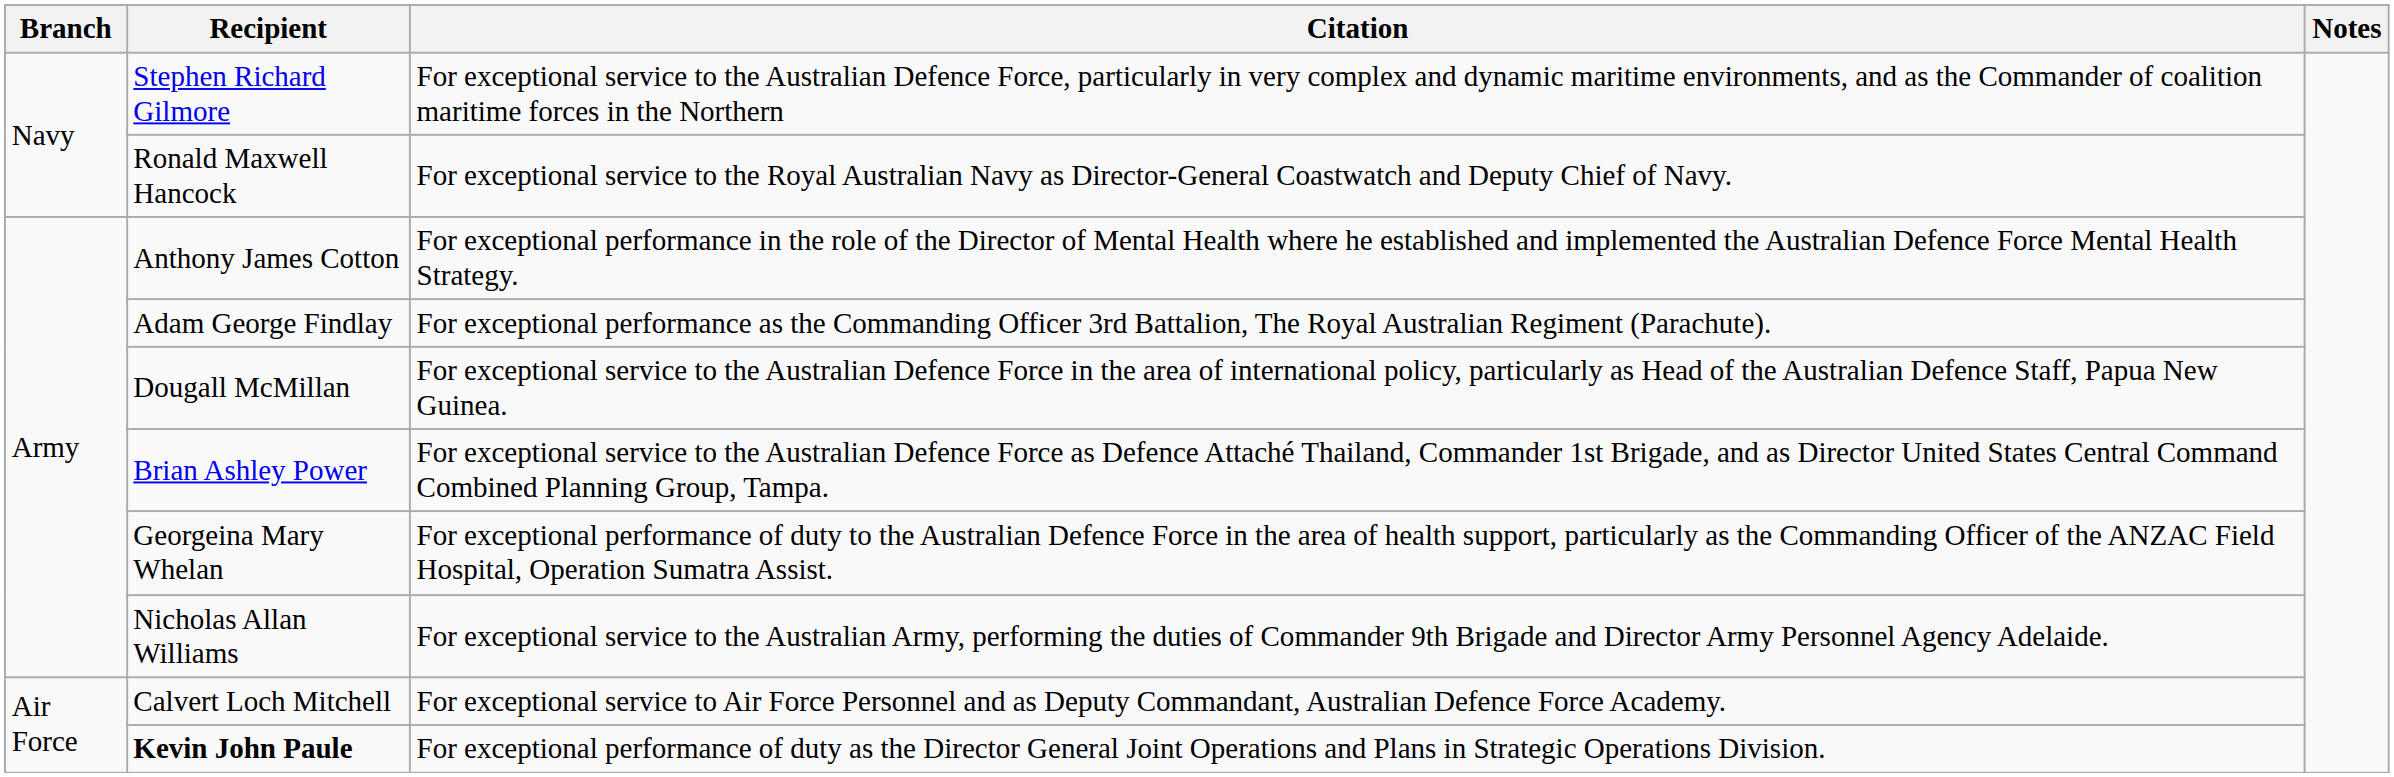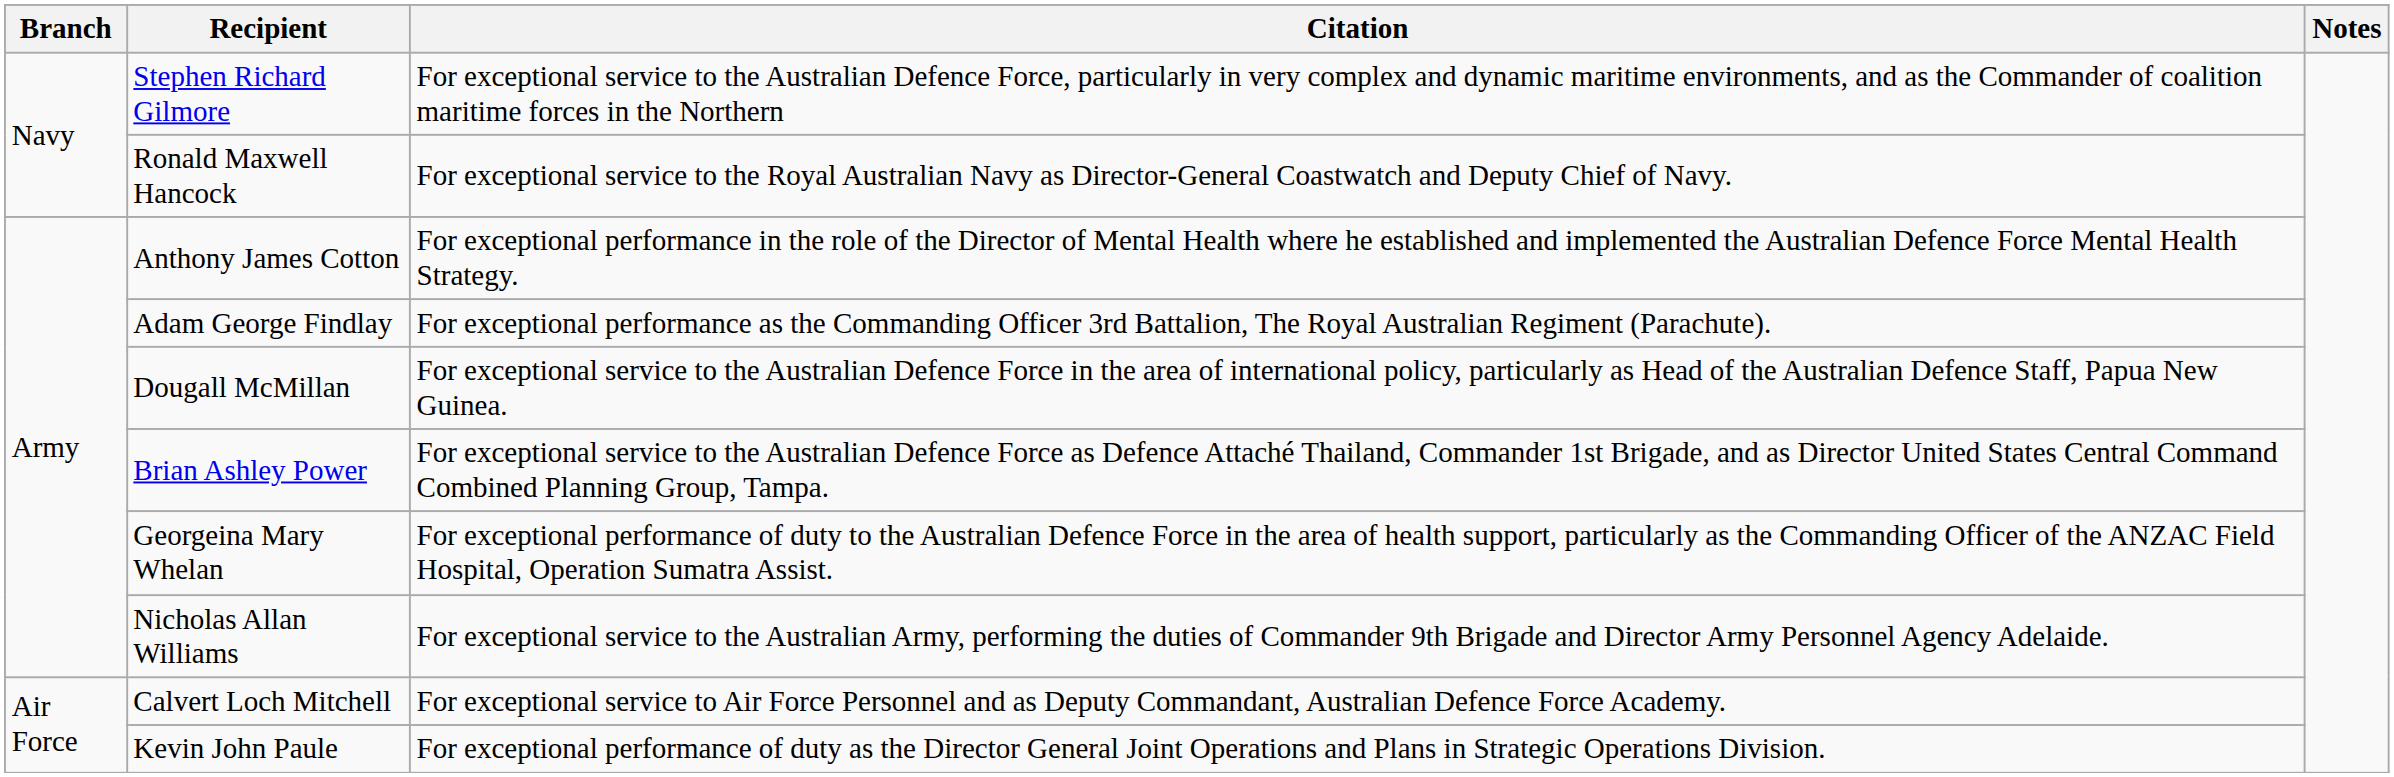 <table class="wikitable" style="font-size:95%;">
 <tr>
 <th>Branch</th>
 <th>Recipient</th>
 <th>Citation</th>
 <th>Notes</th>
 </tr>
 <tr>
 <td rowspan=2>Navy</td>
 <td> <a href='#'>Stephen Richard Gilmore</a></td>
 <td>For exceptional service to the Australian Defence Force, particularly in very complex and dynamic maritime environments, and as the Commander of coalition maritime forces in the Northern</td>
 <td rowspan=10></td>
 </tr>
 <tr>
 <td> Ronald Maxwell Hancock</td>
 <td>For exceptional service to the Royal Australian Navy as Director-General Coastwatch and Deputy Chief of Navy.</td>
 </tr>
 <tr>
 <td rowspan=6>Army</td>
 <td> Anthony James Cotton</td>
 <td>For exceptional performance in the role of the Director of Mental Health where he established and implemented the Australian Defence Force Mental Health Strategy.</td>
 </tr>
 <tr>
 <td> Adam George Findlay</td>
 <td>For exceptional performance as the Commanding Officer 3rd Battalion, The Royal Australian Regiment (Parachute).</td>
 </tr>
 <tr>
 <td> Dougall McMillan</td>
 <td>For exceptional service to the Australian Defence Force in the area of international policy, particularly as Head of the Australian Defence Staff, Papua New Guinea.</td>
 </tr>
 <tr>
 <td> <a href='#'>Brian Ashley Power</a></td>
 <td>For exceptional service to the Australian Defence Force as Defence Attaché Thailand, Commander 1st Brigade, and as Director United States Central Command Combined Planning Group, Tampa.</td>
 </tr>
 <tr>
 <td> Georgeina Mary Whelan</td>
 <td>For exceptional performance of duty to the Australian Defence Force in the area of health support, particularly as the Commanding Officer of the ANZAC Field Hospital, Operation Sumatra Assist.</td>
 </tr>
 <tr>
 <td> Nicholas Allan Williams</td>
 <td>For exceptional service to the Australian Army, performing the duties of Commander 9th Brigade and Director Army Personnel Agency Adelaide.</td>
 </tr>
 <tr>
 <td rowspan=2>Air Force</td>
 <td> Calvert Loch Mitchell</td>
 <td>For exceptional service to Air Force Personnel and as Deputy Commandant, Australian Defence Force Academy.</td>
 </tr>
 <tr>
-<td><strong> Kevin John Paule</strong></td>
+<td> Kevin John Paule</td>
 <td>For exceptional performance of duty as the Director General Joint Operations and Plans in Strategic Operations Division.</td>
 </tr>
 </table>
